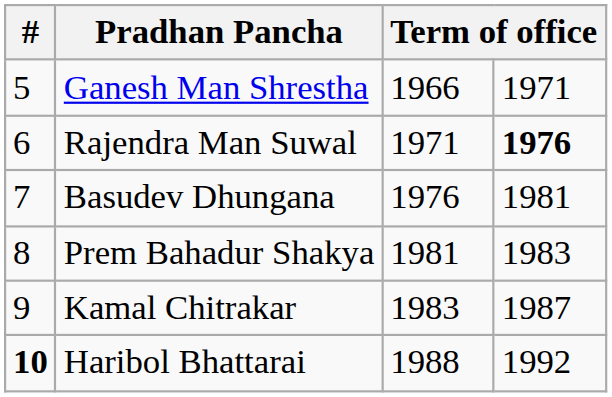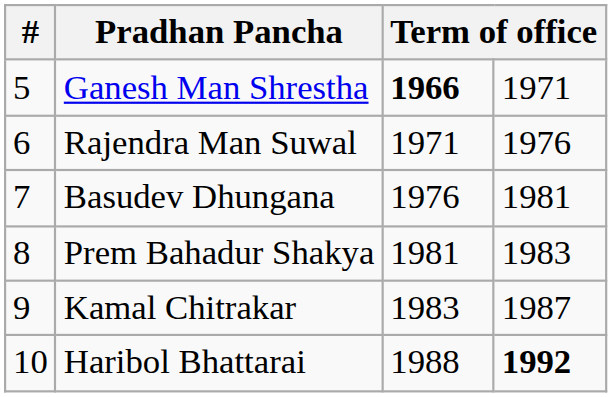 <table class="wikitable">
 <tr>
 <th>#</th>
 <th>Pradhan Pancha</th>
 <th colspan="2">Term of office</th>
 </tr>
 <tr>
 <td>5</td>
 <td><a href='#'>Ganesh Man Shrestha</a></td>
-<td>1966</td>
+<td><strong>1966</strong></td>
 <td>1971</td>
 </tr>
 <tr>
 <td>6</td>
 <td>Rajendra Man Suwal</td>
 <td>1971</td>
-<td><strong>1976</strong></td>
+<td>1976</td>
 </tr>
 <tr>
 <td>7</td>
 <td>Basudev Dhungana</td>
 <td>1976</td>
 <td>1981</td>
 </tr>
 <tr>
 <td>8</td>
 <td>Prem Bahadur Shakya</td>
 <td>1981</td>
 <td>1983</td>
 </tr>
 <tr>
 <td>9</td>
 <td>Kamal Chitrakar</td>
 <td>1983</td>
 <td>1987</td>
 </tr>
 <tr>
-<td><strong>10</strong></td>
+<td>10</td>
 <td>Haribol Bhattarai</td>
 <td>1988</td>
-<td>1992</td>
+<td><strong>1992</strong></td>
 </tr>
 </table>
